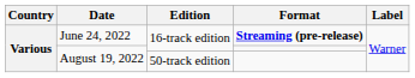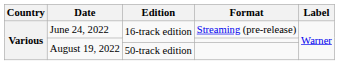 <table class="wikitable plainrowheaders">
 <tr>
 <th scope="col">Country</th>
 <th scope="col">Date</th>
 <th scope="col">Edition</th>
 <th scope="col">Format</th>
 <th scope="col">Label</th>
 </tr>
 <tr>
 <th scope="row" rowspan="3">Various</th>
 <td>June 24, 2022</td>
 <td rowspan="2">16-track edition</td>
-<td><strong><a href='#'>Streaming</a> (pre-release)</strong></td>
+<td><a href='#'>Streaming</a> (pre-release)</td>
 <td rowspan="3"><a href='#'>Warner</a></td>
 </tr>
 <tr>
 <td rowspan="2">August 19, 2022</td>
 <td></td>
 </tr>
 <tr>
 <td>50-track edition</td>
 <td></td>
 </tr>
 </table>
